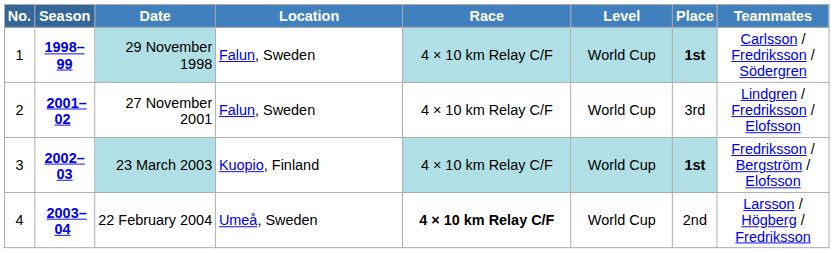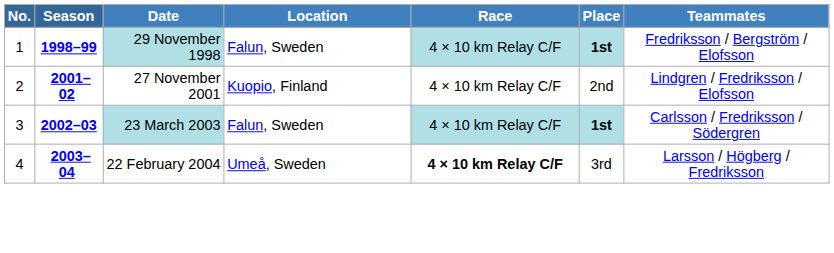 <table class="wikitable sortable" style="font-size:95%; text-align:center; border:grey solid 1px; border-collapse:collapse; background:#ffffff;">
 <tr style="background:#efefef;">
 <th style="background-color:#369; color:white;">No.</th>
 <th style="background-color:#369; color:white;">Season</th>
 <th style="background-color:#4180be; color:white; width:120px;">Date</th>
 <th style="background-color:#4180be; color:white; width:190px;">Location</th>
 <th style="background-color:#4180be; color:white; width:170px;">Race</th>
-<th style="background-color:#4180be; color:white; width:100px;">Level</th>
 <th style="background-color:#4180be; color:white;">Place</th>
 <th style="background-color:#4180be; color:white;">Teammates</th>
 </tr>
 <tr>
 <td align=center>1</td>
 <td rowspan=1 align=center><strong><a href='#'>1998–99</a></strong></td>
 <td bgcolor="#BOEOE6" align=right>29 November 1998</td>
 <td align=left> <a href='#'>Falun</a>, Sweden</td>
 <td bgcolor="#BOEOE6">4 × 10 km Relay C/F</td>
-<td bgcolor="#BOEOE6">World Cup</td>
 <td bgcolor="#BOEOE6"><strong>1st</strong></td>
-<td><a href='#'>Carlsson</a> / <a href='#'>Fredriksson</a> / <a href='#'>Södergren</a></td>
+<td><a href='#'>Fredriksson</a> / <a href='#'>Bergström</a> / <a href='#'>Elofsson</a></td>
 </tr>
 <tr>
 <td align=center>2</td>
 <td rowspan=1 align=center><strong> <a href='#'>2001–02</a> </strong></td>
 <td align=right>27 November 2001</td>
-<td align=left> <a href='#'>Falun</a>, Sweden</td>
+<td align=left> <a href='#'>Kuopio</a>, Finland</td>
 <td>4 × 10 km Relay C/F</td>
-<td>World Cup</td>
-<td>3rd</td>
+<td>2nd</td>
 <td><a href='#'>Lindgren</a> / <a href='#'>Fredriksson</a> / <a href='#'>Elofsson</a></td>
 </tr>
 <tr>
 <td align=center>3</td>
 <td rowspan=1 align=center><strong><a href='#'>2002–03</a></strong></td>
 <td bgcolor="#BOEOE6" align=right>23 March 2003</td>
-<td align=left> <a href='#'>Kuopio</a>, Finland</td>
+<td align=left> <a href='#'>Falun</a>, Sweden</td>
 <td bgcolor="#BOEOE6">4 × 10 km Relay C/F</td>
-<td bgcolor="#BOEOE6">World Cup</td>
 <td bgcolor="#BOEOE6"><strong>1st</strong></td>
-<td><a href='#'>Fredriksson</a> / <a href='#'>Bergström</a> / <a href='#'>Elofsson</a></td>
+<td><a href='#'>Carlsson</a> / <a href='#'>Fredriksson</a> / <a href='#'>Södergren</a></td>
 </tr>
 <tr>
 <td align=center>4</td>
 <td rowspan=1 align=center><strong> <a href='#'>2003–04</a> </strong></td>
 <td align=right>22 February 2004</td>
 <td align=left> <a href='#'>Umeå</a>, Sweden</td>
 <td><strong>4 × 10 km Relay C/F</strong></td>
-<td>World Cup</td>
-<td>2nd</td>
+<td>3rd</td>
 <td><a href='#'>Larsson</a> / <a href='#'>Högberg</a> / <a href='#'>Fredriksson</a></td>
 </tr>
 </table>
